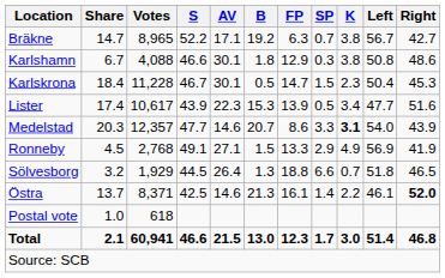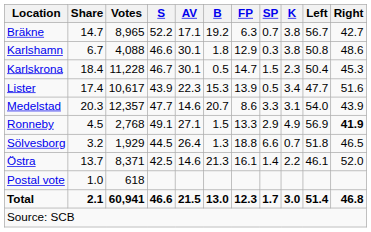 <table class="wikitable sortable" style=text-align:right>
 <tr>
 <th>Location</th>
 <th>Share</th>
 <th>Votes</th>
 <th><a href='#'>S</a></th>
 <th><a href='#'>AV</a></th>
 <th><a href='#'>B</a></th>
 <th><a href='#'>FP</a></th>
 <th><a href='#'>SP</a></th>
 <th><a href='#'>K</a></th>
 <th>Left</th>
 <th>Right</th>
 </tr>
 <tr>
 <td align=left><a href='#'>Bräkne</a></td>
 <td>14.7</td>
 <td>8,965</td>
 <td>52.2</td>
 <td>17.1</td>
 <td>19.2</td>
 <td>6.3</td>
 <td>0.7</td>
 <td>3.8</td>
 <td>56.7</td>
 <td>42.7</td>
 </tr>
 <tr>
 <td align=left><a href='#'>Karlshamn</a></td>
 <td>6.7</td>
 <td>4,088</td>
 <td>46.6</td>
 <td>30.1</td>
 <td>1.8</td>
 <td>12.9</td>
 <td>0.3</td>
 <td>3.8</td>
 <td>50.8</td>
 <td>48.6</td>
 </tr>
 <tr>
 <td align=left><a href='#'>Karlskrona</a></td>
 <td>18.4</td>
 <td>11,228</td>
 <td>46.7</td>
 <td>30.1</td>
 <td>0.5</td>
 <td>14.7</td>
 <td>1.5</td>
 <td>2.3</td>
 <td>50.4</td>
 <td>45.3</td>
 </tr>
 <tr>
 <td align=left><a href='#'>Lister</a></td>
 <td>17.4</td>
 <td>10,617</td>
 <td>43.9</td>
 <td>22.3</td>
 <td>15.3</td>
 <td>13.9</td>
 <td>0.5</td>
 <td>3.4</td>
 <td>47.7</td>
 <td>51.6</td>
 </tr>
 <tr>
 <td align=left><a href='#'>Medelstad</a></td>
 <td>20.3</td>
 <td>12,357</td>
 <td>47.7</td>
 <td>14.6</td>
 <td>20.7</td>
 <td>8.6</td>
 <td>3.3</td>
-<td><strong>3.1</strong></td>
+<td>3.1</td>
 <td>54.0</td>
 <td>43.9</td>
 </tr>
 <tr>
 <td align=left><a href='#'>Ronneby</a></td>
 <td>4.5</td>
 <td>2,768</td>
 <td>49.1</td>
 <td>27.1</td>
 <td>1.5</td>
 <td>13.3</td>
 <td>2.9</td>
 <td>4.9</td>
 <td>56.9</td>
-<td>41.9</td>
+<td><strong>41.9</strong></td>
 </tr>
 <tr>
 <td align=left><a href='#'>Sölvesborg</a></td>
 <td>3.2</td>
 <td>1,929</td>
 <td>44.5</td>
 <td>26.4</td>
 <td>1.3</td>
 <td>18.8</td>
 <td>6.6</td>
 <td>0.7</td>
 <td>51.8</td>
 <td>46.5</td>
 </tr>
 <tr>
 <td align=left><a href='#'>Östra</a></td>
 <td>13.7</td>
 <td>8,371</td>
 <td>42.5</td>
 <td>14.6</td>
 <td>21.3</td>
 <td>16.1</td>
 <td>1.4</td>
 <td>2.2</td>
 <td>46.1</td>
-<td><strong>52.0</strong></td>
+<td>52.0</td>
 </tr>
 <tr>
 <td align=left><a href='#'>Postal vote</a></td>
 <td>1.0</td>
 <td>618</td>
 <td></td>
 <td></td>
 <td></td>
 <td></td>
 <td></td>
 <td></td>
 <td></td>
 <td></td>
 </tr>
 <tr>
 <td align=left><strong>Total</strong></td>
 <td><strong>2.1</strong></td>
 <td><strong>60,941</strong></td>
 <td><strong>46.6</strong></td>
 <td><strong>21.5</strong></td>
 <td><strong>13.0</strong></td>
 <td><strong>12.3</strong></td>
 <td><strong>1.7</strong></td>
 <td><strong>3.0</strong></td>
 <td><strong>51.4</strong></td>
 <td><strong>46.8</strong></td>
 </tr>
 <tr>
 <td align=left colspan=11>Source: SCB </td>
 </tr>
 </table>
